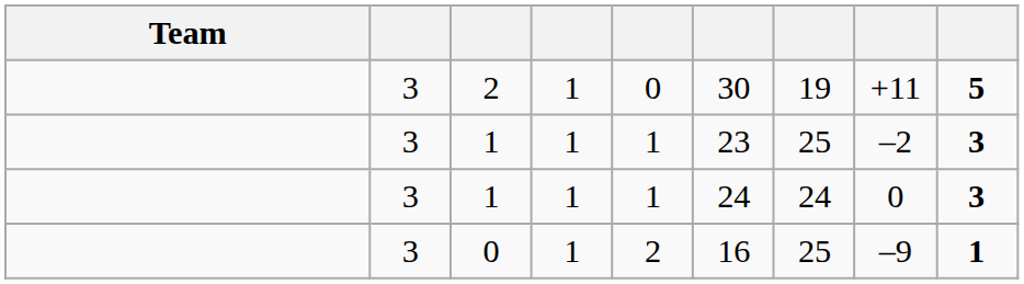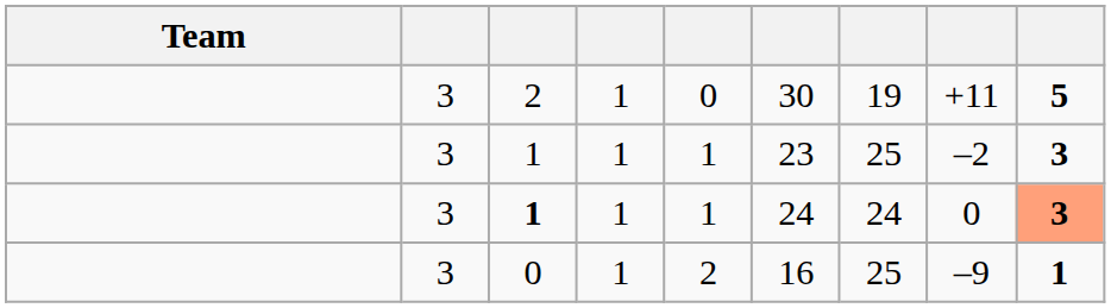 <table class="wikitable" style="text-align:center; font-size:95%;">
 <tr>
 <th width=160>Team</th>
 <th width=30></th>
 <th width=30></th>
 <th width=30></th>
 <th width=30></th>
 <th width=30></th>
 <th width=30></th>
 <th width=30></th>
 <th width=30></th>
 </tr>
 <tr>
 <td align=left></td>
 <td>3</td>
 <td>2</td>
 <td>1</td>
 <td>0</td>
 <td>30</td>
 <td>19</td>
 <td>+11</td>
 <td><strong>5</strong></td>
 </tr>
 <tr>
 <td align=left></td>
 <td>3</td>
 <td>1</td>
 <td>1</td>
 <td>1</td>
 <td>23</td>
 <td>25</td>
 <td>–2</td>
 <td><strong>3</strong></td>
 </tr>
 <tr>
 <td align=left></td>
 <td>3</td>
-<td>1</td>
+<td><strong>1</strong></td>
 <td>1</td>
 <td>1</td>
 <td>24</td>
 <td>24</td>
 <td>0</td>
-<td><strong>3</strong></td>
+<td style="background: lightsalmon;"><strong>3</strong></td>
 </tr>
 <tr>
 <td align=left></td>
 <td>3</td>
 <td>0</td>
 <td>1</td>
 <td>2</td>
 <td>16</td>
 <td>25</td>
 <td>–9</td>
 <td><strong>1</strong></td>
 </tr>
 </table>
